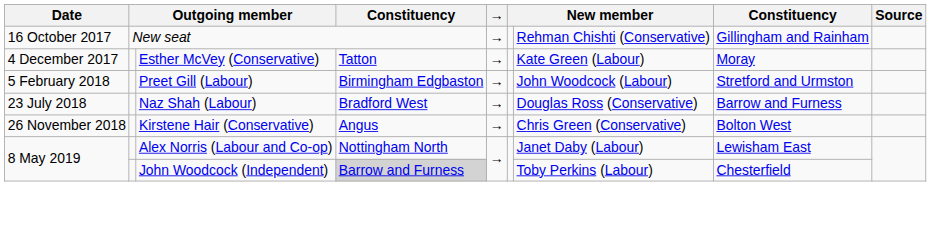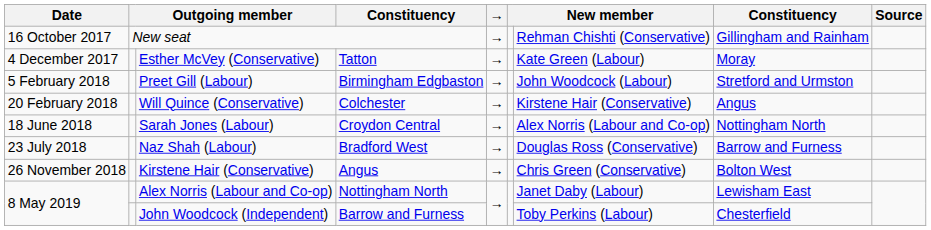 <table class="wikitable">
 <tr>
 <th valign="top">Date</th>
 <th colspan="2" valign="top">Outgoing member</th>
 <th valign="top">Constituency</th>
 <th>→</th>
 <th colspan="2" valign="top">New member</th>
 <th valign="top">Constituency</th>
 <th valign="top">Source</th>
 </tr>
 <tr>
 <td>16 October 2017</td>
 <td colspan=3><em>New seat</em></td>
 <td>→</td>
 <td style="color:inherit;background:"></td>
 <td><a href='#'>Rehman Chishti</a> (<a href='#'>Conservative</a>)</td>
 <td><a href='#'>Gillingham and Rainham</a></td>
 <td></td>
 </tr>
 <tr>
 <td>4 December 2017</td>
 <td style="color:inherit;background:"></td>
 <td><a href='#'>Esther McVey</a> (<a href='#'>Conservative</a>)</td>
 <td><a href='#'>Tatton</a></td>
 <td>→</td>
 <td style="color:inherit;background:"></td>
 <td><a href='#'>Kate Green</a> (<a href='#'>Labour</a>)</td>
 <td><a href='#'>Moray</a></td>
 <td></td>
 </tr>
 <tr>
 <td>5 February 2018</td>
 <td style="color:inherit;background:"></td>
 <td><a href='#'>Preet Gill</a> (<a href='#'>Labour</a>)</td>
 <td><a href='#'>Birmingham Edgbaston</a></td>
 <td>→</td>
 <td style="color:inherit;background:"></td>
 <td><a href='#'>John Woodcock</a> (<a href='#'>Labour</a>)</td>
 <td><a href='#'>Stretford and Urmston</a></td>
 <td></td>
 </tr>
 <tr>
+<td>20 February 2018</td>
+<td style="color:inherit;background:"></td>
+<td><a href='#'>Will Quince</a> (<a href='#'>Conservative</a>)</td>
+<td><a href='#'>Colchester</a></td>
+<td>→</td>
+<td style="color:inherit;background:"></td>
+<td><a href='#'>Kirstene Hair</a> (<a href='#'>Conservative</a>)</td>
+<td><a href='#'>Angus</a></td>
+<td></td>
+</tr>
+<tr>
+<td>18 June 2018</td>
+<td style="color:inherit;background:"></td>
+<td><a href='#'>Sarah Jones</a> (<a href='#'>Labour</a>)</td>
+<td><a href='#'>Croydon Central</a></td>
+<td>→</td>
+<td style="color:inherit;background:"></td>
+<td><a href='#'>Alex Norris</a> (<a href='#'>Labour and Co-op</a>)</td>
+<td><a href='#'>Nottingham North</a></td>
+<td></td>
+</tr>
+<tr>
 <td>23 July 2018</td>
 <td style="color:inherit;background:"></td>
 <td><a href='#'>Naz Shah</a> (<a href='#'>Labour</a>)</td>
 <td><a href='#'>Bradford West</a></td>
 <td>→</td>
 <td style="color:inherit;background:"></td>
 <td><a href='#'>Douglas Ross</a> (<a href='#'>Conservative</a>)</td>
 <td><a href='#'>Barrow and Furness</a></td>
 <td></td>
 </tr>
 <tr>
 <td>26 November 2018</td>
 <td style="color:inherit;background:"></td>
 <td><a href='#'>Kirstene Hair</a> (<a href='#'>Conservative</a>)</td>
 <td><a href='#'>Angus</a></td>
 <td>→</td>
 <td style="color:inherit;background:"></td>
 <td><a href='#'>Chris Green</a> (<a href='#'>Conservative</a>)</td>
 <td><a href='#'>Bolton West</a></td>
 <td></td>
 </tr>
 <tr>
 <td rowspan=2>8 May 2019</td>
 <td style="color:inherit;background:"></td>
 <td><a href='#'>Alex Norris</a> (<a href='#'>Labour and Co-op</a>)</td>
 <td><a href='#'>Nottingham North</a></td>
 <td rowspan=2>→</td>
 <td rowspan=2 style="color:inherit;background:"></td>
 <td><a href='#'>Janet Daby</a> (<a href='#'>Labour</a>)</td>
 <td><a href='#'>Lewisham East</a></td>
 <td rowspan=2></td>
 </tr>
 <tr>
 <td style="color:inherit;background:"></td>
 <td><a href='#'>John Woodcock</a> (<a href='#'>Independent</a>)</td>
-<td style="background: lightgrey;"><a href='#'>Barrow and Furness</a></td>
+<td><a href='#'>Barrow and Furness</a></td>
 <td><a href='#'>Toby Perkins</a> (<a href='#'>Labour</a>)</td>
 <td><a href='#'>Chesterfield</a></td>
 </tr>
 </table>
